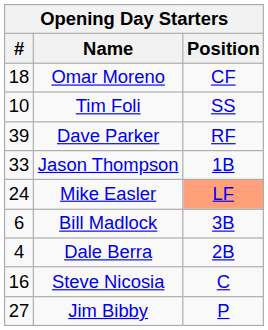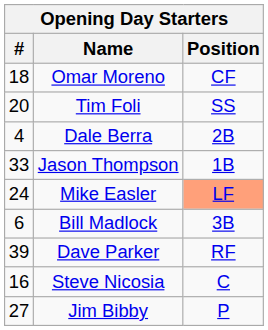 <table class="wikitable" style="text-align:center">
 <tr>
 <th colspan="3">Opening Day Starters</th>
 </tr>
 <tr>
 <th>#</th>
 <th>Name</th>
 <th>Position</th>
 </tr>
 <tr>
 <td>18</td>
 <td><a href='#'>Omar Moreno</a></td>
 <td><a href='#'>CF</a></td>
 </tr>
 <tr>
-<td>10</td>
+<td>20</td>
 <td><a href='#'>Tim Foli</a></td>
 <td><a href='#'>SS</a></td>
 </tr>
 <tr>
-<td>39</td>
-<td><a href='#'>Dave Parker</a></td>
-<td><a href='#'>RF</a></td>
+<td>4</td>
+<td><a href='#'>Dale Berra</a></td>
+<td><a href='#'>2B</a></td>
 </tr>
 <tr>
 <td>33</td>
 <td><a href='#'>Jason Thompson</a></td>
 <td><a href='#'>1B</a></td>
 </tr>
 <tr>
 <td>24</td>
 <td><a href='#'>Mike Easler</a></td>
 <td style="background: lightsalmon;"><a href='#'>LF</a></td>
 </tr>
 <tr>
 <td>6</td>
 <td><a href='#'>Bill Madlock</a></td>
 <td><a href='#'>3B</a></td>
 </tr>
 <tr>
-<td>4</td>
-<td><a href='#'>Dale Berra</a></td>
-<td><a href='#'>2B</a></td>
+<td>39</td>
+<td><a href='#'>Dave Parker</a></td>
+<td><a href='#'>RF</a></td>
 </tr>
 <tr>
 <td>16</td>
 <td><a href='#'>Steve Nicosia</a></td>
 <td><a href='#'>C</a></td>
 </tr>
 <tr>
 <td>27</td>
 <td><a href='#'>Jim Bibby</a></td>
 <td><a href='#'>P</a></td>
 </tr>
 </table>
